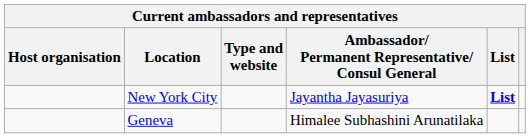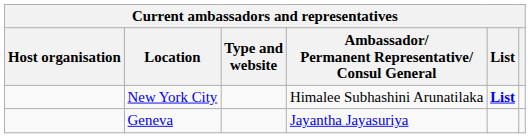 <table class="wikitable sticky-header-multi mw-collapsible" style="font-size:100%; text-align:left">
 <tr>
 <th colspan=6 style="colour:; background:;">Current ambassadors and representatives</th>
 </tr>
 <tr>
 <th>Host organisation</th>
 <th>Location</th>
 <th>Type and <br> website</th>
 <th>Ambassador/<br>Permanent Representative/<br>Consul General</th>
 <th>List</th>
 <th></th>
 </tr>
 <tr>
 <td> </td>
 <td><a href='#'>New York City</a></td>
 <td></td>
-<td><a href='#'>Jayantha Jayasuriya</a></td>
+<td>Himalee Subhashini Arunatilaka</td>
 <td><strong><a href='#'>List</a></strong></td>
 <td><br></td>
 </tr>
 <tr>
 <td> </td>
 <td><a href='#'>Geneva</a></td>
 <td></td>
-<td>Himalee Subhashini Arunatilaka</td>
+<td><a href='#'>Jayantha Jayasuriya</a></td>
 <td></td>
 <td></td>
 </tr>
 </table>
